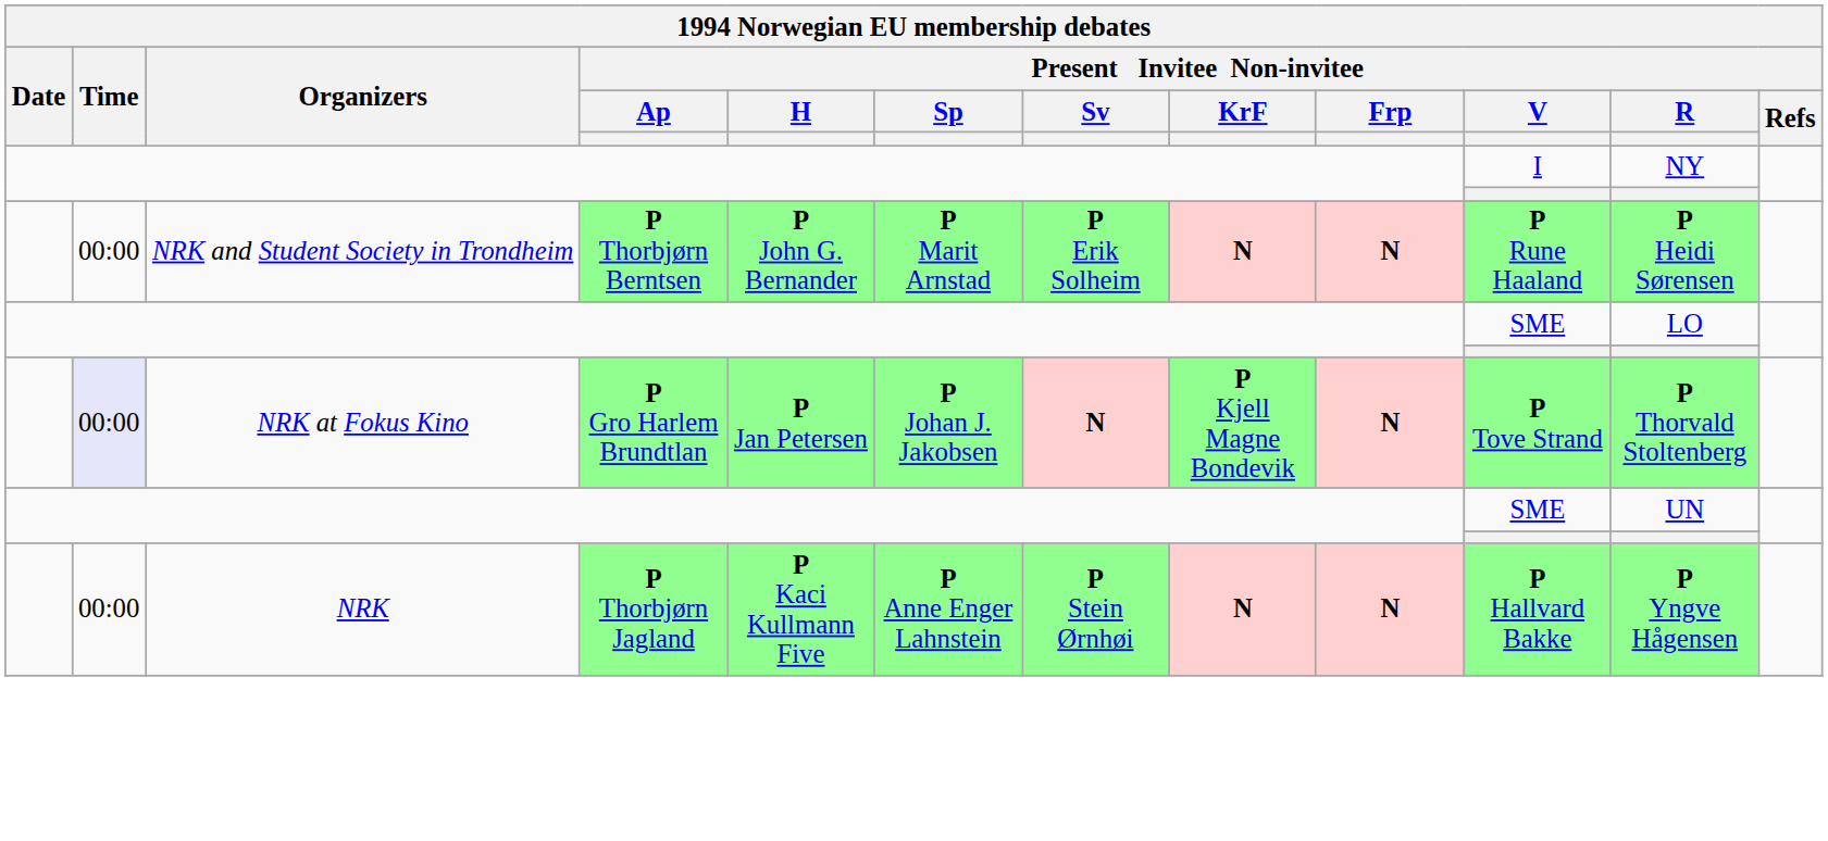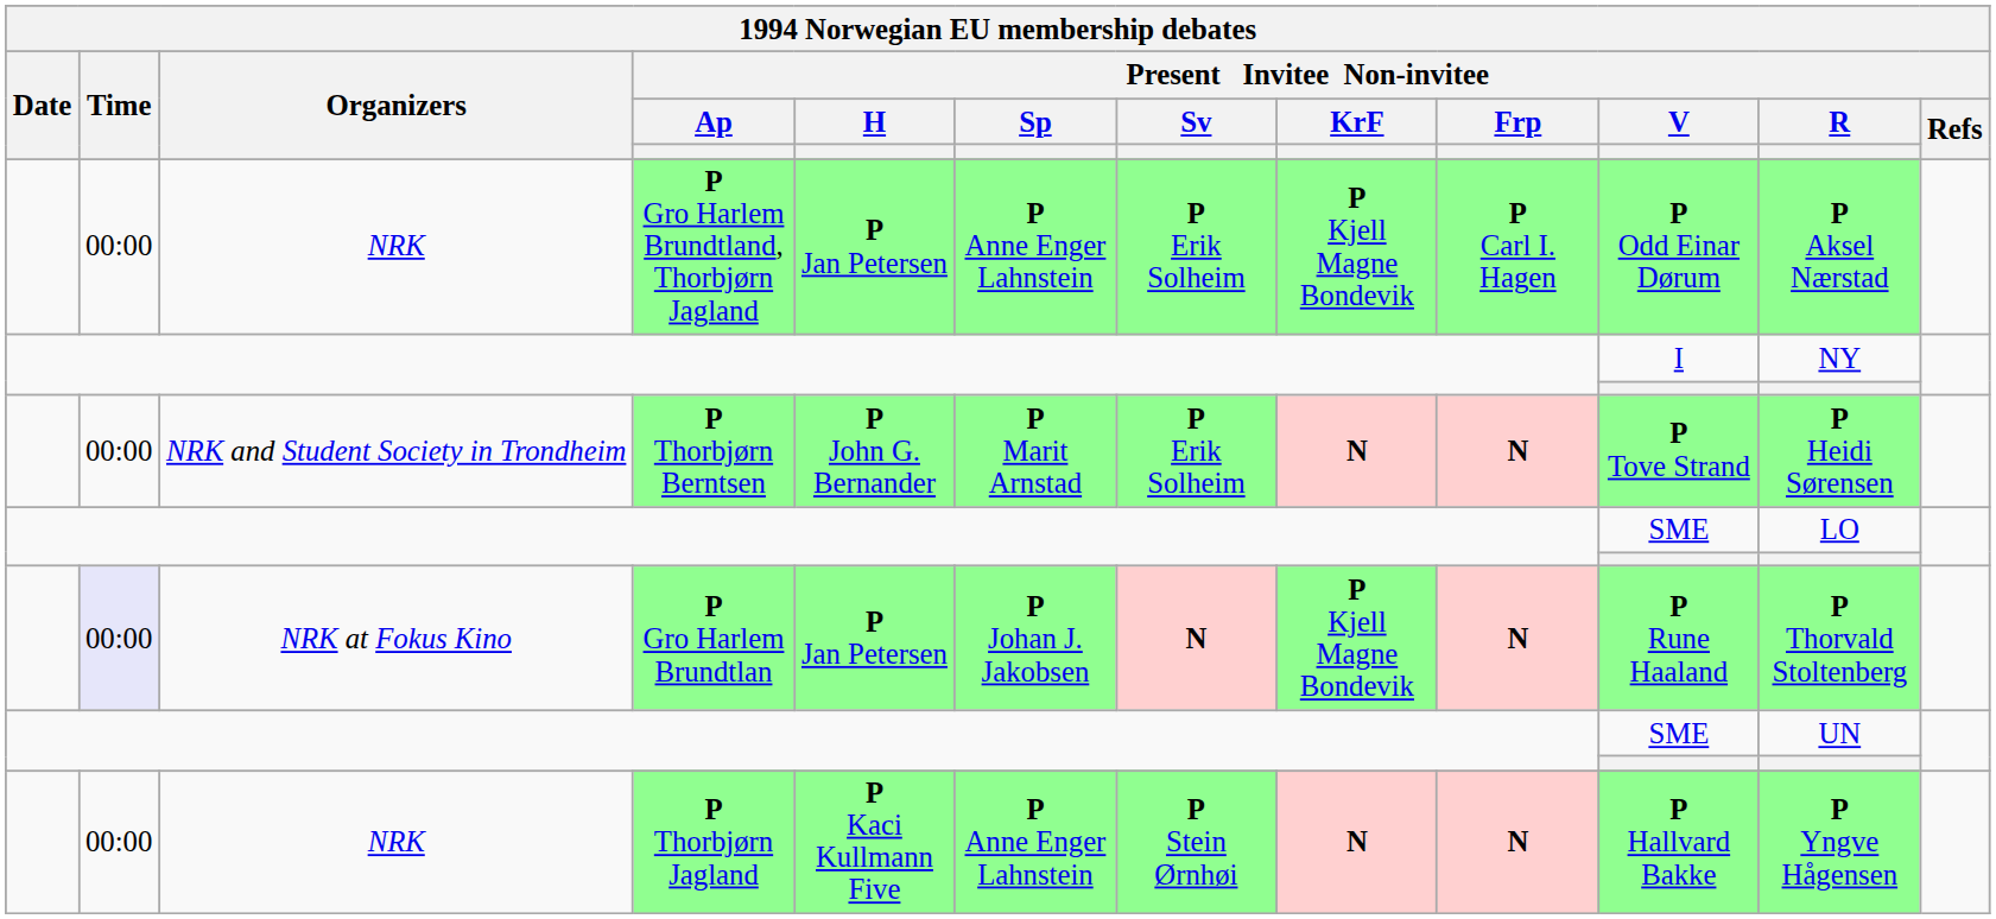 <table class="wikitable" style="font-size:85%; line-height:15px; text-align:center;">
 <tr>
 <th colspan="12">1994 Norwegian EU membership debates</th>
 </tr>
 <tr>
 <th rowspan="3">Date</th>
 <th rowspan="3">Time</th>
 <th rowspan="3">Organizers</th>
 <th colspan="9"> Present    Invitee  Non-invitee </th>
 </tr>
 <tr>
 <th scope="col" style="width:5em;"><a href='#'>Ap</a></th>
 <th scope="col" style="width:5em;"><a href='#'>H</a></th>
 <th scope="col" style="width:5em;"><a href='#'>Sp</a></th>
 <th scope="col" style="width:5em;"><a href='#'>Sv</a></th>
 <th scope="col" style="width:5em;"><a href='#'>KrF</a></th>
 <th scope="col" style="width:5em;"><a href='#'>Frp</a></th>
 <th scope="col" style="width:5em;"><a href='#'>V</a></th>
 <th scope="col" style="width:5em;"><a href='#'>R</a></th>
 <th rowspan="2">Refs</th>
 </tr>
 <tr>
 <th style="background:"></th>
 <th style="background:"></th>
 <th style="background:"></th>
 <th style="background:"></th>
 <th style="background:"></th>
 <th style="background:"></th>
 <th style="background:"></th>
 <th style="background:"></th>
 </tr>
 <tr>
+<td></td>
+<td>00:00</td>
+<td><em><a href='#'>NRK</a></em></td>
+<td style="background:#90FF90"><strong>P</strong><br><a href='#'>Gro Harlem Brundtland</a>, <a href='#'>Thorbjørn Jagland</a></td>
+<td style="background:#90FF90"><strong>P</strong><br><a href='#'>Jan Petersen</a></td>
+<td style="background:#90FF90"><strong>P</strong><br><a href='#'>Anne Enger Lahnstein</a></td>
+<td style="background:#90FF90"><strong>P</strong><br><a href='#'>Erik Solheim</a></td>
+<td style="background:#90FF90"><strong>P</strong><br><a href='#'>Kjell Magne Bondevik</a></td>
+<td style="background:#90FF90"><strong>P</strong><br><a href='#'>Carl I. Hagen</a></td>
+<td style="background:#90FF90"><strong>P</strong><br><a href='#'>Odd Einar Dørum</a></td>
+<td style="background:#90FF90"><strong>P</strong><br><a href='#'>Aksel Nærstad</a></td>
+<td></td>
+</tr>
+<tr>
 <td colspan="9" rowspan="2"></td>
 <td><a href='#'>I</a></td>
 <td><a href='#'>NY</a></td>
 <td rowspan="2"></td>
 </tr>
 <tr>
 <th style="background:"></th>
 <th style="background:"></th>
 </tr>
 <tr>
 <td></td>
 <td>00:00</td>
 <td><em><a href='#'>NRK</a> and <a href='#'>Student Society in Trondheim</a></em></td>
 <td style="background:#90FF90"><strong>P</strong><br><a href='#'>Thorbjørn Berntsen</a></td>
 <td style="background:#90FF90"><strong>P</strong><br><a href='#'>John G. Bernander</a></td>
 <td style="background:#90FF90"><strong>P</strong><br><a href='#'>Marit Arnstad</a></td>
 <td style="background:#90FF90"><strong>P</strong><br><a href='#'>Erik Solheim</a></td>
 <td style="background:#FFD0D0"><strong>N</strong><br></td>
 <td style="background:#FFD0D0"><strong>N</strong><br></td>
-<td style="background:#90FF90"><strong>P</strong><br><a href='#'>Rune Haaland</a></td>
+<td style="background:#90FF90"><strong>P</strong><br><a href='#'>Tove Strand</a></td>
 <td style="background:#90FF90"><strong>P</strong><br><a href='#'>Heidi Sørensen</a></td>
 <td></td>
 </tr>
 <tr>
 <td colspan="9" rowspan="2"></td>
 <td><a href='#'>SME</a></td>
 <td><a href='#'>LO</a></td>
 <td rowspan="2"></td>
 </tr>
 <tr>
 <th style="background:"></th>
 <th style="background:"></th>
 </tr>
 <tr>
 <td></td>
 <td style="background: lavender;">00:00</td>
 <td><em><a href='#'>NRK</a> at <a href='#'>Fokus Kino</a></em></td>
 <td style="background:#90FF90"><strong>P</strong><br><a href='#'>Gro Harlem Brundtlan</a></td>
 <td style="background:#90FF90"><strong>P</strong><br><a href='#'>Jan Petersen</a></td>
 <td style="background:#90FF90"><strong>P</strong><br><a href='#'>Johan J. Jakobsen</a></td>
 <td style="background:#FFD0D0"><strong>N</strong><br></td>
 <td style="background:#90FF90"><strong>P</strong><br><a href='#'>Kjell Magne Bondevik</a></td>
 <td style="background:#FFD0D0"><strong>N</strong></td>
-<td style="background:#90FF90"><strong>P</strong><br><a href='#'>Tove Strand</a></td>
+<td style="background:#90FF90"><strong>P</strong><br><a href='#'>Rune Haaland</a></td>
 <td style="background:#90FF90"><strong>P</strong><br><a href='#'>Thorvald Stoltenberg</a></td>
 <td></td>
 </tr>
 <tr>
 <td colspan="9" rowspan="2"></td>
 <td><a href='#'>SME</a></td>
 <td><a href='#'>UN</a></td>
 <td rowspan="2"></td>
 </tr>
 <tr>
 <th style="background:"></th>
 <th style="background:"></th>
 </tr>
 <tr>
 <td></td>
 <td>00:00</td>
 <td><em><a href='#'>NRK</a></em></td>
 <td style="background:#90FF90"><strong>P</strong><br><a href='#'>Thorbjørn Jagland</a></td>
 <td style="background:#90FF90"><strong>P</strong><br><a href='#'>Kaci Kullmann Five</a></td>
 <td style="background:#90FF90"><strong>P</strong><br><a href='#'>Anne Enger Lahnstein</a></td>
 <td style="background:#90FF90"><strong>P</strong><br><a href='#'>Stein Ørnhøi</a></td>
 <td style="background:#FFD0D0"><strong>N</strong></td>
 <td style="background:#FFD0D0"><strong>N</strong></td>
 <td style="background:#90FF90"><strong>P</strong><br><a href='#'>Hallvard Bakke</a></td>
 <td style="background:#90FF90"><strong>P</strong><br><a href='#'>Yngve Hågensen</a></td>
 <td></td>
 </tr>
 </table>
